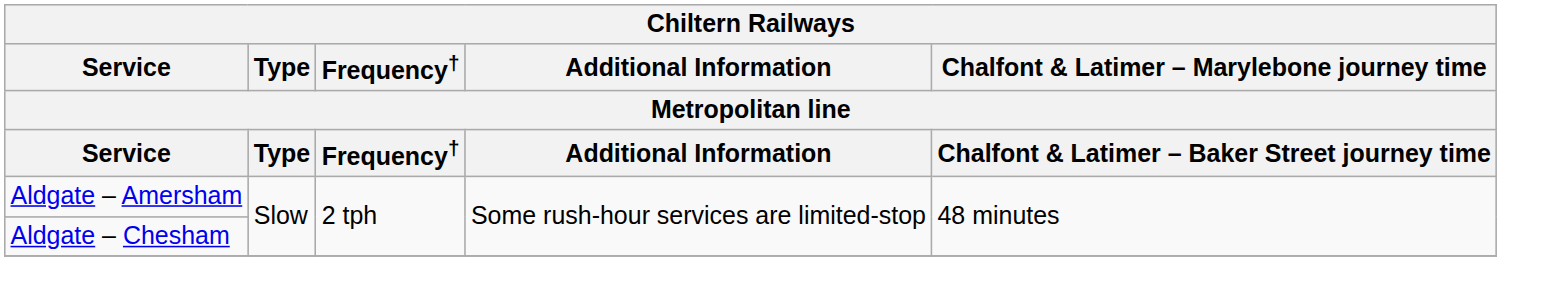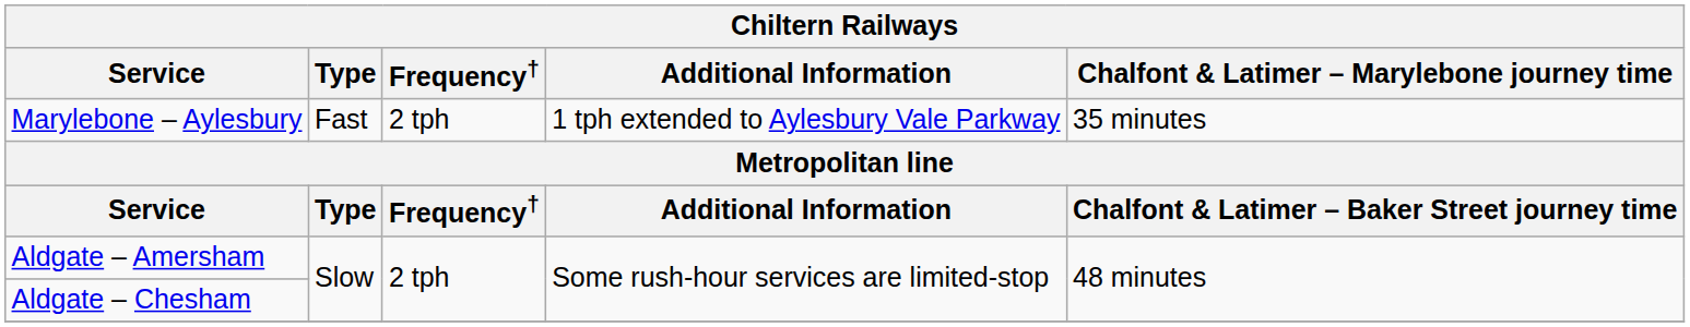 <table class="wikitable">
 <tr>
 <th colspan="5">Chiltern Railways</th>
 </tr>
 <tr>
 <th>Service</th>
 <th>Type</th>
 <th>Frequency<sup>†</sup></th>
 <th>Additional Information</th>
 <th>Chalfont & Latimer – Marylebone journey time</th>
+</tr>
+<tr>
+<td><a href='#'>Marylebone</a> – <a href='#'>Aylesbury</a></td>
+<td>Fast</td>
+<td>2 tph</td>
+<td>1 tph extended to <a href='#'>Aylesbury Vale Parkway</a></td>
+<td>35 minutes</td>
 </tr>
 <tr>
 <th colspan="5">Metropolitan line</th>
 </tr>
 <tr>
 <th>Service</th>
 <th>Type</th>
 <th>Frequency<sup>†</sup></th>
 <th>Additional Information</th>
 <th>Chalfont & Latimer – Baker Street journey time</th>
 </tr>
 <tr>
 <td><a href='#'>Aldgate</a> – <a href='#'>Amersham</a></td>
 <td rowspan="2">Slow</td>
 <td rowspan="2">2 tph</td>
 <td rowspan="2">Some rush-hour services are limited-stop</td>
 <td rowspan="2">48 minutes</td>
 </tr>
 <tr>
 <td><a href='#'>Aldgate</a>  – <a href='#'>Chesham</a></td>
 </tr>
 <tr>
 </tr>
 </table>
